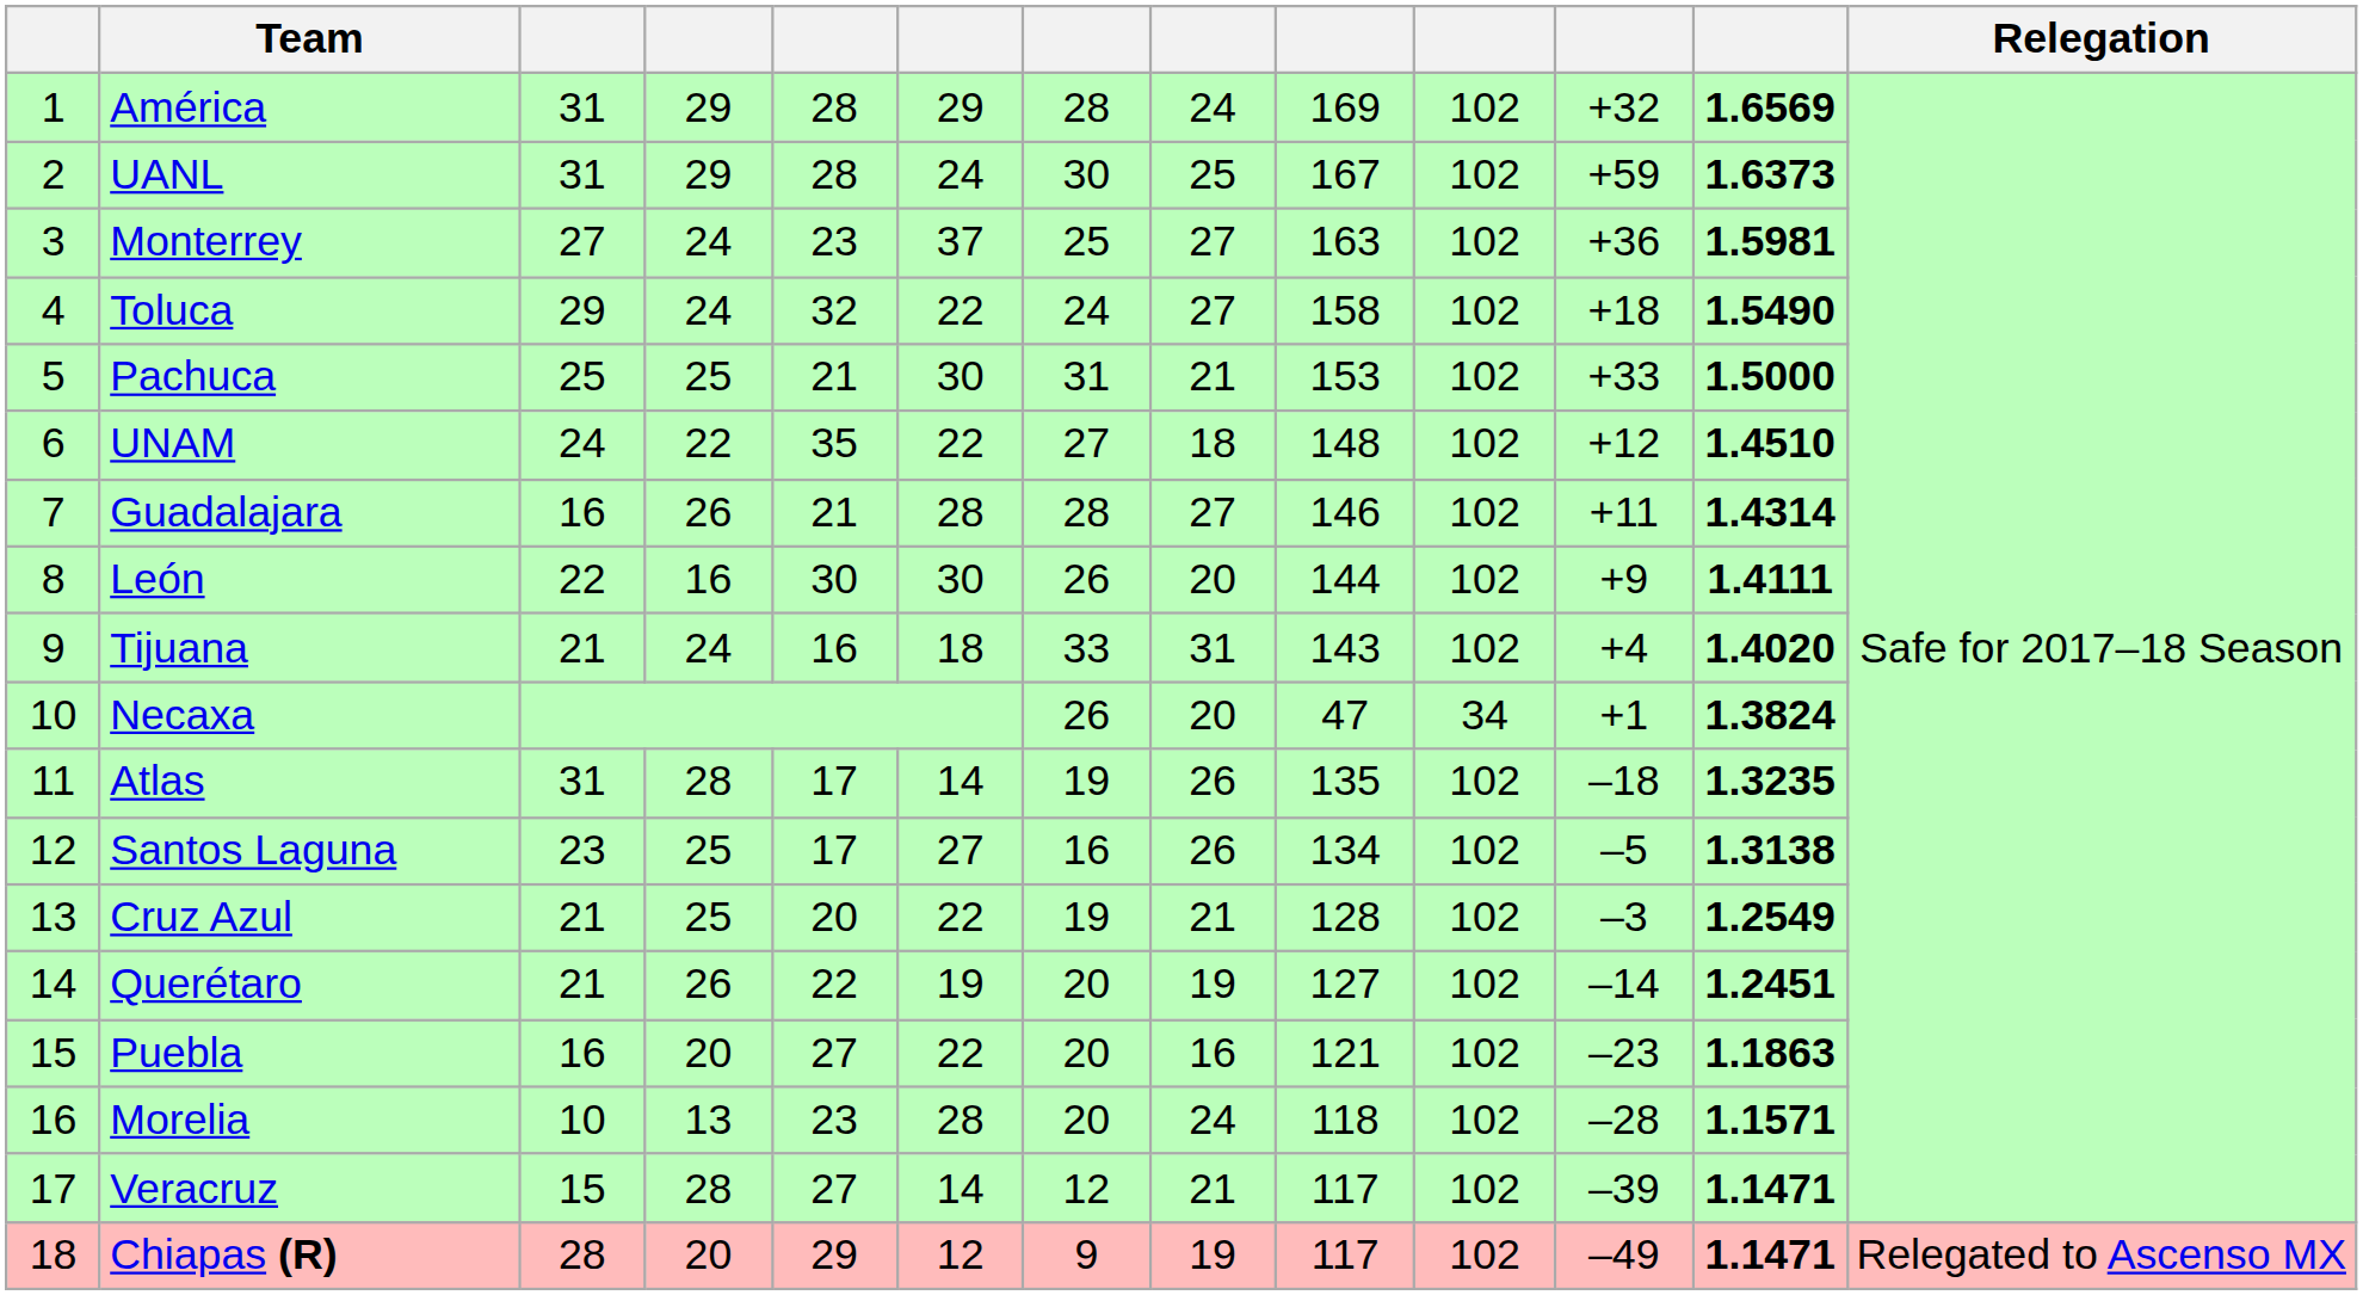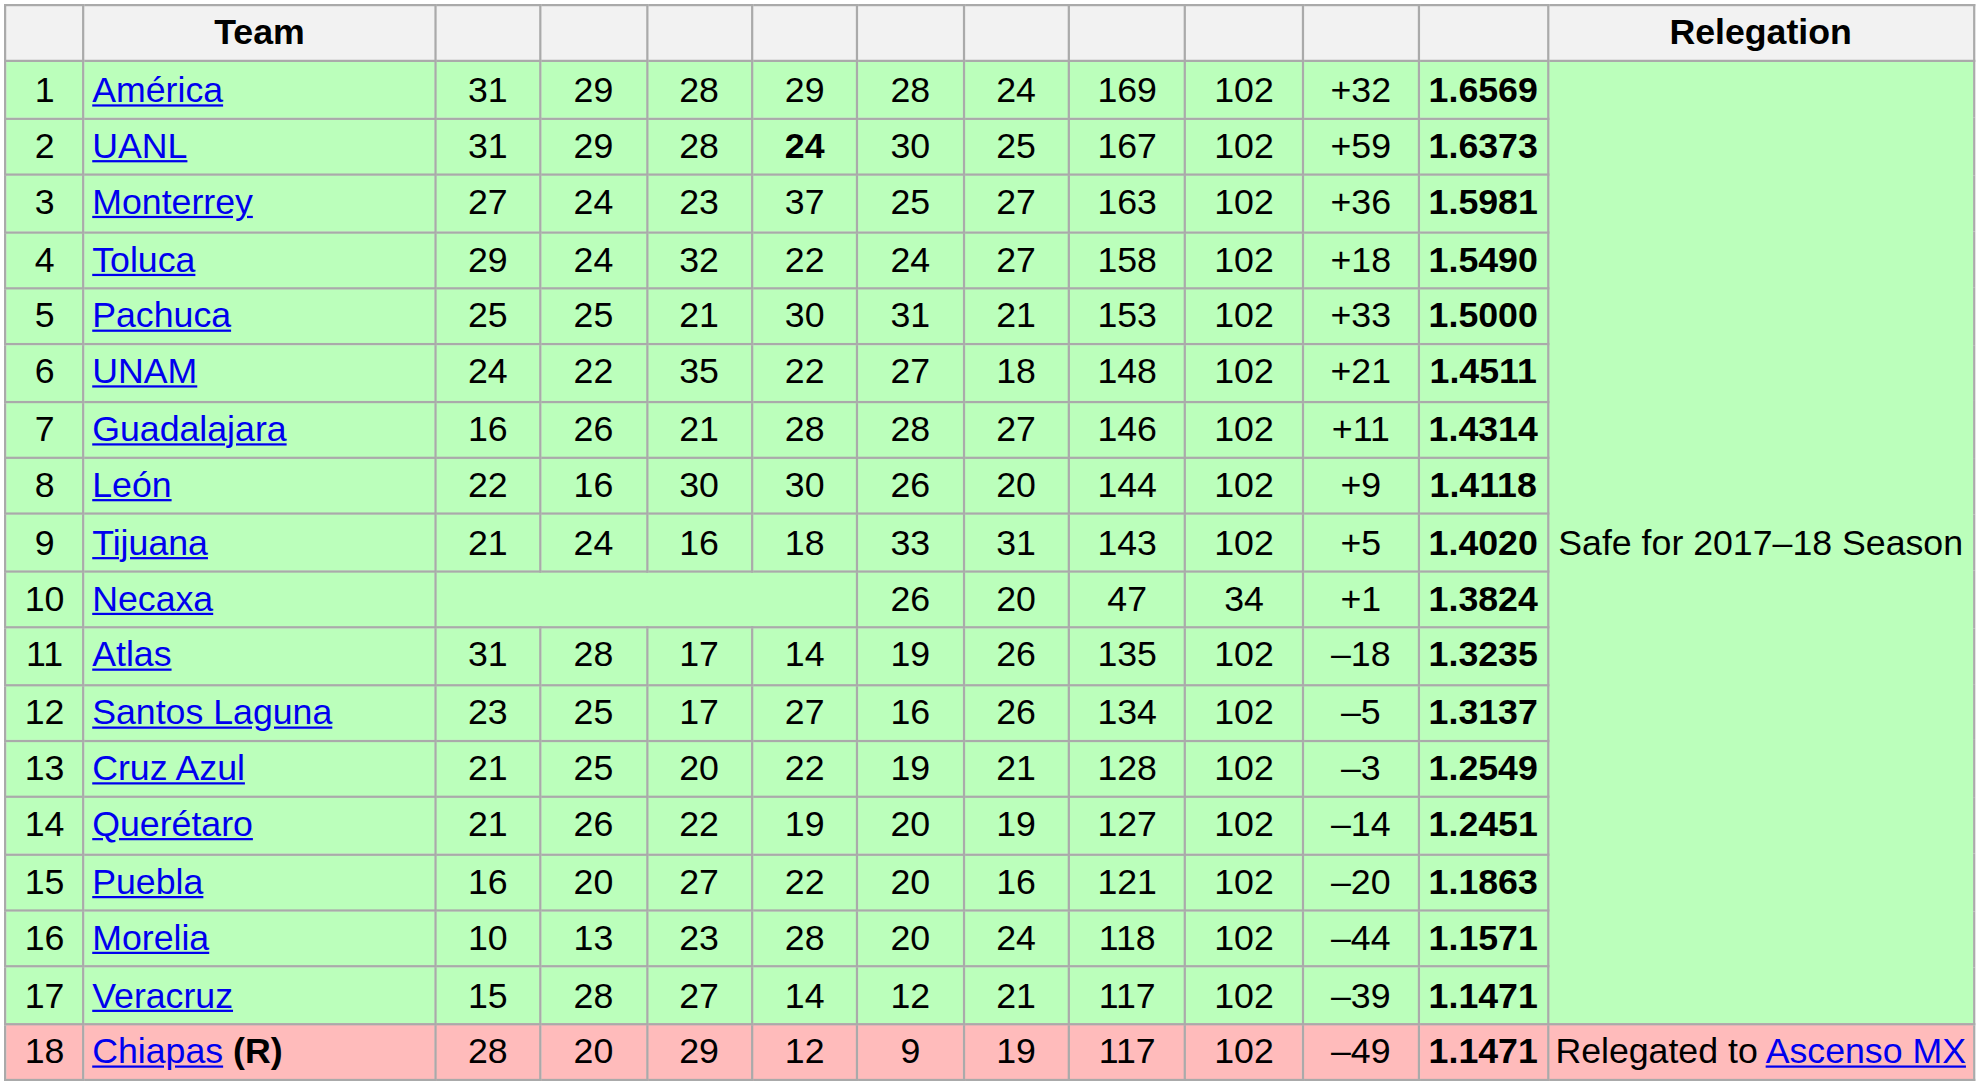 <table class="wikitable sortable" style="text-align: center;">
 <tr>
 <th width=28><br></th>
 <th width=150>Team</th>
 <th width=40></th>
 <th width=40></th>
 <th width=40></th>
 <th width=40></th>
 <th width=40></th>
 <th width=40></th>
 <th width=45></th>
 <th width=45></th>
 <th width=45></th>
 <th width=50><br></th>
 <th>Relegation</th>
 </tr>
 <tr style="text-align:center; background:#BBFFBB;">
 <td>1</td>
 <td align=left><a href='#'>América</a></td>
 <td>31</td>
 <td>29</td>
 <td>28</td>
 <td>29</td>
 <td>28</td>
 <td>24</td>
 <td>169</td>
 <td>102</td>
 <td>+32</td>
 <td><strong>1.6569</strong></td>
 <td align=center rowspan=17>Safe for 2017–18 Season</td>
 </tr>
 <tr style="text-align:center; background:#BBFFBB;">
 <td>2</td>
 <td align=left><a href='#'>UANL</a></td>
 <td>31</td>
 <td>29</td>
 <td>28</td>
-<td>24</td>
+<td><strong>24</strong></td>
 <td>30</td>
 <td>25</td>
 <td>167</td>
 <td>102</td>
 <td>+59</td>
 <td><strong>1.6373</strong></td>
 </tr>
 <tr style="text-align:center; background:#BBFFBB;">
 <td>3</td>
 <td align=left><a href='#'>Monterrey</a></td>
 <td>27</td>
 <td>24</td>
 <td>23</td>
 <td>37</td>
 <td>25</td>
 <td>27</td>
 <td>163</td>
 <td>102</td>
 <td>+36</td>
 <td><strong>1.5981</strong></td>
 </tr>
 <tr style="text-align:center; background:#BBFFBB;">
 <td>4</td>
 <td align=left><a href='#'>Toluca</a></td>
 <td>29</td>
 <td>24</td>
 <td>32</td>
 <td>22</td>
 <td>24</td>
 <td>27</td>
 <td>158</td>
 <td>102</td>
 <td>+18</td>
 <td><strong>1.5490</strong></td>
 </tr>
 <tr style="text-align:center; background:#BBFFBB;">
 <td>5</td>
 <td align=left><a href='#'>Pachuca</a></td>
 <td>25</td>
 <td>25</td>
 <td>21</td>
 <td>30</td>
 <td>31</td>
 <td>21</td>
 <td>153</td>
 <td>102</td>
 <td>+33</td>
 <td><strong>1.5000</strong></td>
 </tr>
 <tr style="text-align:center; background:#BBFFBB;">
 <td>6</td>
 <td align=left><a href='#'>UNAM</a></td>
 <td>24</td>
 <td>22</td>
 <td>35</td>
 <td>22</td>
 <td>27</td>
 <td>18</td>
 <td>148</td>
 <td>102</td>
-<td>+12</td>
-<td><strong>1.4510</strong></td>
+<td>+21</td>
+<td><strong>1.4511</strong></td>
 </tr>
 <tr style="text-align:center; background:#BBFFBB;">
 <td>7</td>
 <td align=left><a href='#'>Guadalajara</a></td>
 <td>16</td>
 <td>26</td>
 <td>21</td>
 <td>28</td>
 <td>28</td>
 <td>27</td>
 <td>146</td>
 <td>102</td>
 <td>+11</td>
 <td><strong>1.4314</strong></td>
 </tr>
 <tr style="text-align:center; background:#BBFFBB;">
 <td>8</td>
 <td align=left><a href='#'>León</a></td>
 <td>22</td>
 <td>16</td>
 <td>30</td>
 <td>30</td>
 <td>26</td>
 <td>20</td>
 <td>144</td>
 <td>102</td>
 <td>+9</td>
-<td><strong>1.4111</strong></td>
+<td><strong>1.4118</strong></td>
 </tr>
 <tr style="text-align:center; background:#BBFFBB;">
 <td>9</td>
 <td align=left><a href='#'>Tijuana</a></td>
 <td>21</td>
 <td>24</td>
 <td>16</td>
 <td>18</td>
 <td>33</td>
 <td>31</td>
 <td>143</td>
 <td>102</td>
-<td>+4</td>
+<td>+5</td>
 <td><strong>1.4020</strong></td>
 </tr>
 <tr style="text-align:center; background:#BBFFBB;">
 <td>10</td>
 <td align=left><a href='#'>Necaxa</a></td>
 <td colspan=4></td>
 <td>26</td>
 <td>20</td>
 <td>47</td>
 <td>34</td>
 <td>+1</td>
 <td><strong>1.3824</strong></td>
 </tr>
 <tr style="text-align:center; background:#BBFFBB;">
 <td>11</td>
 <td align=left><a href='#'>Atlas</a></td>
 <td>31</td>
 <td>28</td>
 <td>17</td>
 <td>14</td>
 <td>19</td>
 <td>26</td>
 <td>135</td>
 <td>102</td>
 <td>–18</td>
 <td><strong>1.3235</strong></td>
 </tr>
 <tr style="text-align:center; background:#BBFFBB;">
 <td>12</td>
 <td align=left><a href='#'>Santos Laguna</a></td>
 <td>23</td>
 <td>25</td>
 <td>17</td>
 <td>27</td>
 <td>16</td>
 <td>26</td>
 <td>134</td>
 <td>102</td>
 <td>–5</td>
-<td><strong>1.3138</strong></td>
+<td><strong>1.3137</strong></td>
 </tr>
 <tr style="text-align:center; background:#BBFFBB;">
 <td>13</td>
 <td align=left><a href='#'>Cruz Azul</a></td>
 <td>21</td>
 <td>25</td>
 <td>20</td>
 <td>22</td>
 <td>19</td>
 <td>21</td>
 <td>128</td>
 <td>102</td>
 <td>–3</td>
 <td><strong>1.2549</strong></td>
 </tr>
 <tr style="text-align:center; background:#BBFFBB;">
 <td>14</td>
 <td align=left><a href='#'>Querétaro</a></td>
 <td>21</td>
 <td>26</td>
 <td>22</td>
 <td>19</td>
 <td>20</td>
 <td>19</td>
 <td>127</td>
 <td>102</td>
 <td>–14</td>
 <td><strong>1.2451</strong></td>
 </tr>
 <tr style="text-align:center; background:#BBFFBB;">
 <td>15</td>
 <td align=left><a href='#'>Puebla</a></td>
 <td>16</td>
 <td>20</td>
 <td>27</td>
 <td>22</td>
 <td>20</td>
 <td>16</td>
 <td>121</td>
 <td>102</td>
-<td>–23</td>
+<td>–20</td>
 <td><strong>1.1863</strong></td>
 </tr>
 <tr style="text-align:center; background:#BBFFBB;">
 <td>16</td>
 <td align=left><a href='#'>Morelia</a></td>
 <td>10</td>
 <td>13</td>
 <td>23</td>
 <td>28</td>
 <td>20</td>
 <td>24</td>
 <td>118</td>
 <td>102</td>
-<td>–28</td>
+<td>–44</td>
 <td><strong>1.1571</strong></td>
 </tr>
 <tr style="text-align:center; background:#BBFFBB;">
 <td>17</td>
 <td align=left><a href='#'>Veracruz</a></td>
 <td>15</td>
 <td>28</td>
 <td>27</td>
 <td>14</td>
 <td>12</td>
 <td>21</td>
 <td>117</td>
 <td>102</td>
 <td>–39</td>
 <td><strong>1.1471</strong></td>
 </tr>
 <tr style="text-align:center; background:#FFBBBB;">
 <td>18</td>
 <td align=left><a href='#'>Chiapas</a> <strong>(R)</strong></td>
 <td>28</td>
 <td>20</td>
 <td>29</td>
 <td>12</td>
 <td>9</td>
 <td>19</td>
 <td>117</td>
 <td>102</td>
 <td>–49</td>
 <td><strong>1.1471</strong></td>
 <td>Relegated to <a href='#'>Ascenso MX</a></td>
 </tr>
 </table>
